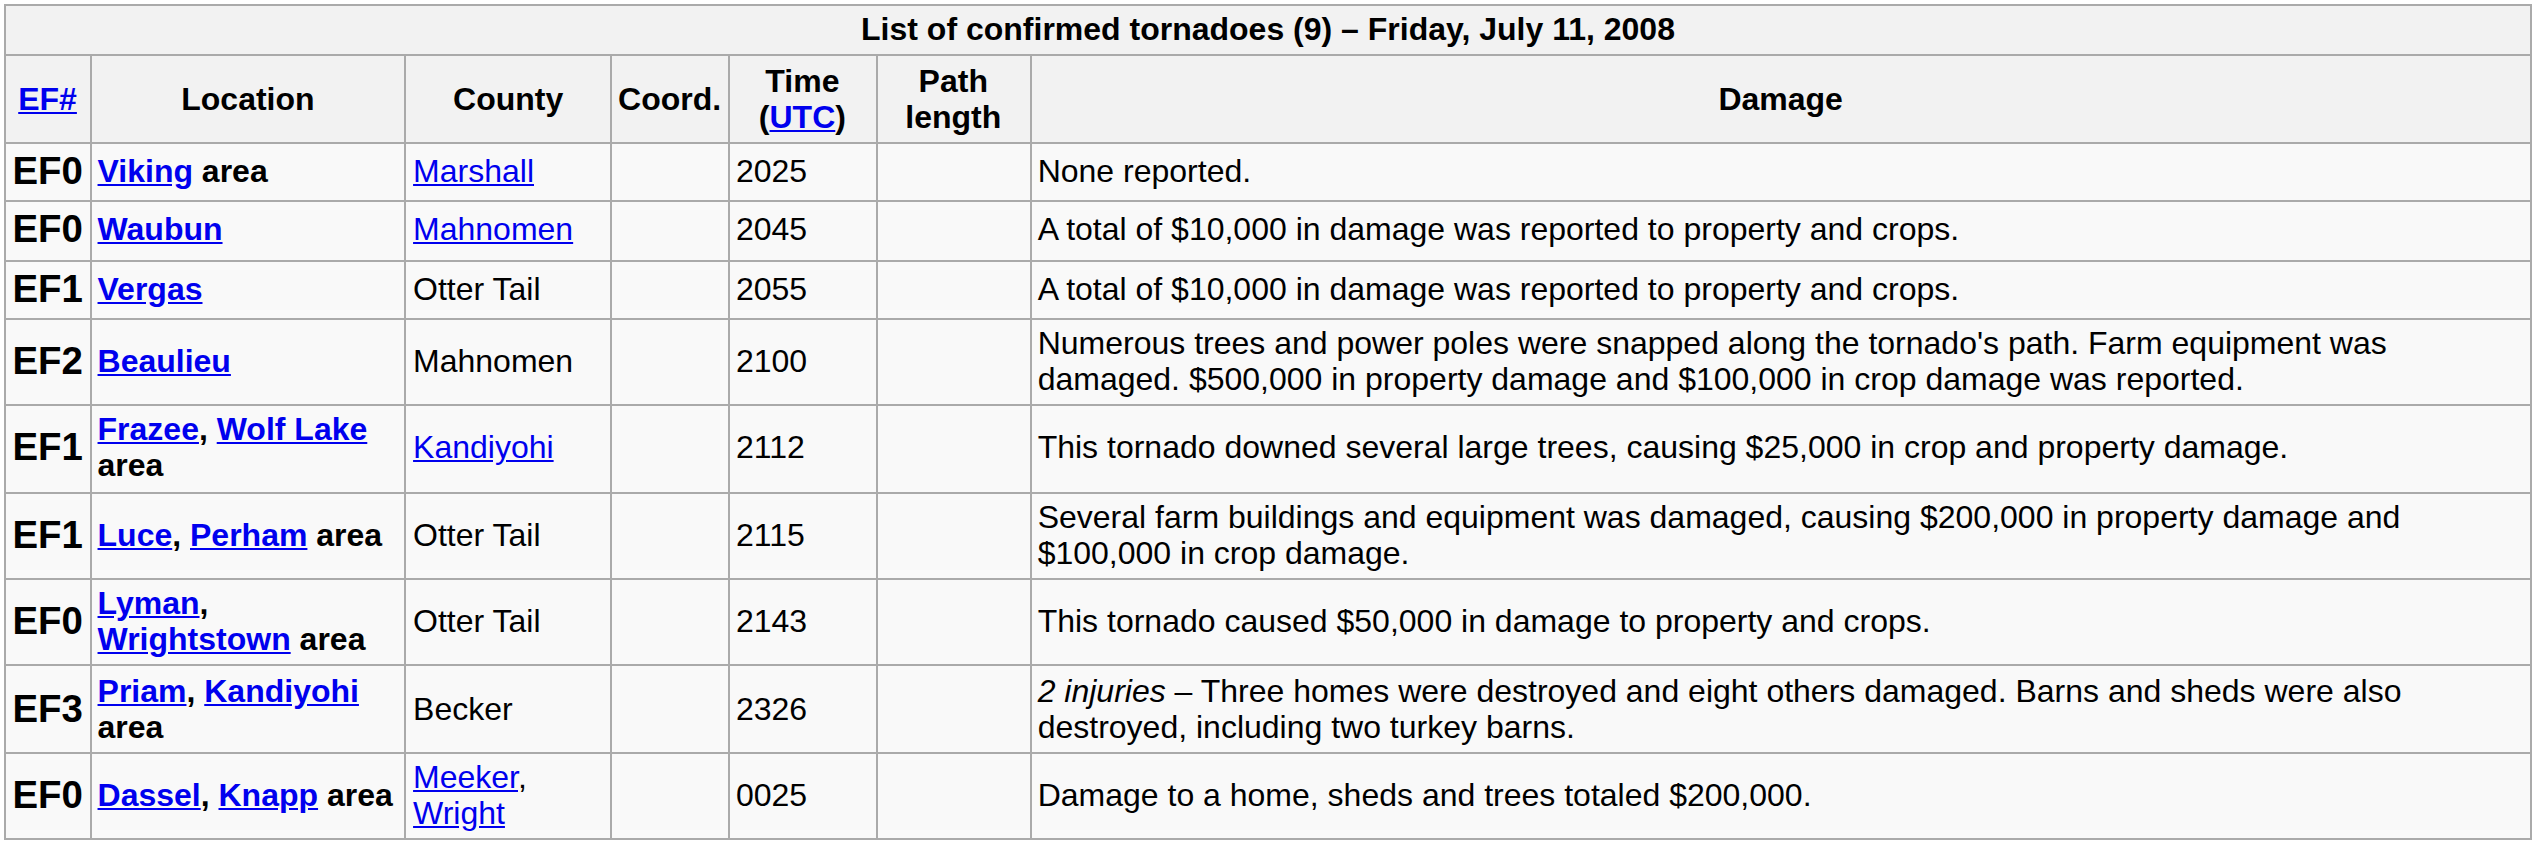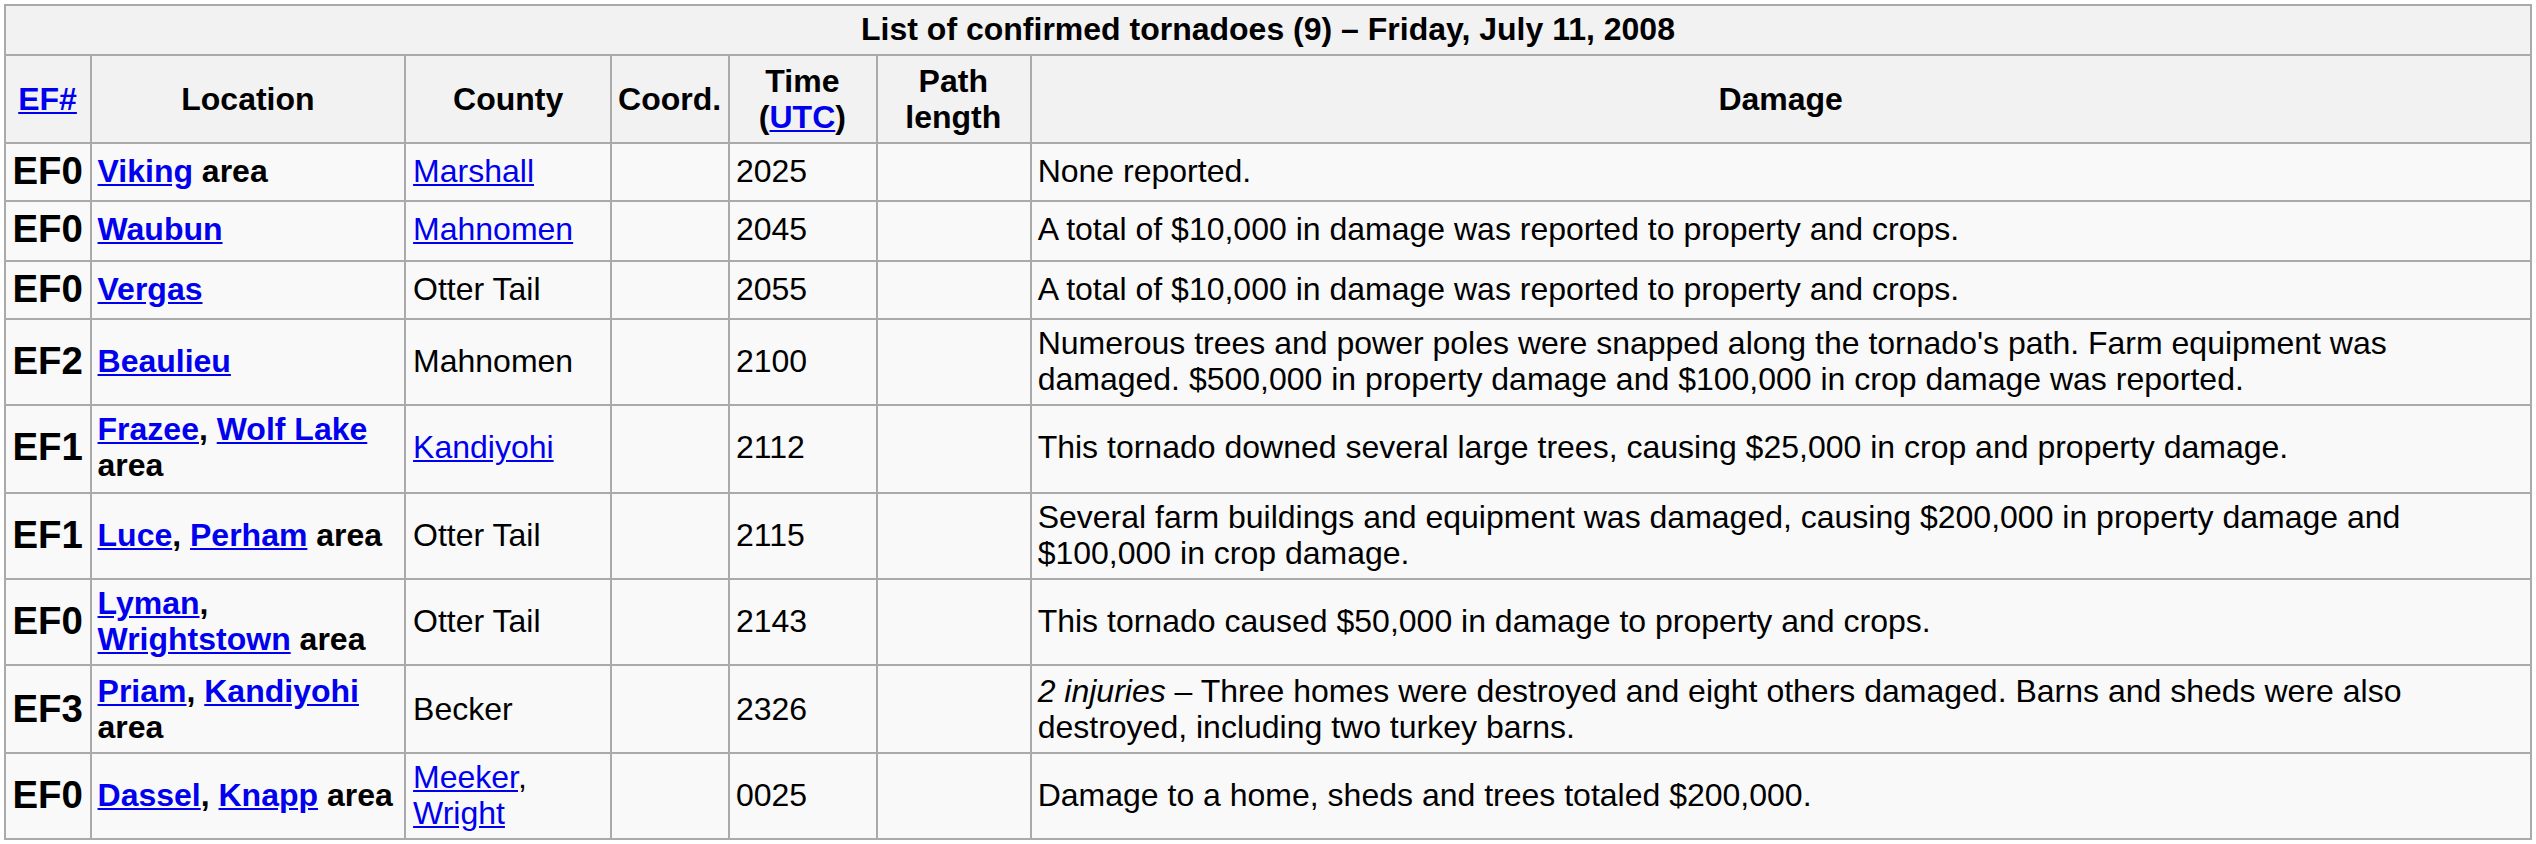 <table class="wikitable collapsible" width="100%">
 <tr>
 <th colspan="7">List of confirmed tornadoes (9) – Friday, July 11, 2008</th>
 </tr>
 <tr>
 <th><a href='#'>EF#</a></th>
 <th>Location</th>
 <th>County</th>
 <th>Coord.</th>
 <th>Time (<a href='#'>UTC</a>)</th>
 <th>Path length</th>
 <th>Damage</th>
 </tr>
 <tr>
 <td><big><strong>EF0</strong></big></td>
 <td><strong><a href='#'>Viking</a> area</strong></td>
 <td><a href='#'>Marshall</a></td>
 <td></td>
 <td>2025</td>
 <td></td>
 <td>None reported.</td>
 </tr>
 <tr>
 <td><big><strong>EF0</strong></big></td>
 <td><strong><a href='#'>Waubun</a></strong></td>
 <td><a href='#'>Mahnomen</a></td>
 <td></td>
 <td>2045</td>
 <td></td>
 <td>A total of $10,000 in damage was reported to property and crops.</td>
 </tr>
 <tr>
-<td><big><strong>EF1</strong></big></td>
+<td><big><strong>EF0</strong></big></td>
 <td><strong><a href='#'>Vergas</a></strong></td>
 <td>Otter Tail</td>
 <td></td>
 <td>2055</td>
 <td></td>
 <td>A total of $10,000 in damage was reported to property and crops.</td>
 </tr>
 <tr>
 <td><big><strong>EF2</strong></big></td>
 <td><strong><a href='#'>Beaulieu</a></strong></td>
 <td>Mahnomen</td>
 <td></td>
 <td>2100</td>
 <td></td>
 <td>Numerous trees and power poles were snapped along the tornado's path.  Farm equipment was damaged.  $500,000 in property damage and $100,000 in crop damage was reported.</td>
 </tr>
 <tr>
 <td><big><strong>EF1</strong></big></td>
 <td><strong><a href='#'>Frazee</a>, <a href='#'>Wolf Lake</a> area</strong></td>
 <td><a href='#'>Kandiyohi</a></td>
 <td></td>
 <td>2112</td>
 <td></td>
 <td>This tornado downed several large trees, causing $25,000 in crop and property damage.</td>
 </tr>
 <tr>
 <td><big><strong>EF1</strong></big></td>
 <td><strong><a href='#'>Luce</a>, <a href='#'>Perham</a> area</strong></td>
 <td>Otter Tail</td>
 <td></td>
 <td>2115</td>
 <td></td>
 <td>Several farm buildings and equipment was damaged, causing $200,000 in property damage and $100,000 in crop damage.</td>
 </tr>
 <tr>
 <td><big><strong>EF0</strong></big></td>
 <td><strong><a href='#'>Lyman</a>, <a href='#'>Wrightstown</a> area</strong></td>
 <td>Otter Tail</td>
 <td></td>
 <td>2143</td>
 <td></td>
 <td>This tornado caused $50,000 in damage to property and crops.</td>
 </tr>
 <tr>
 <td><big><strong>EF3</strong></big></td>
 <td><strong><a href='#'>Priam</a>, <a href='#'>Kandiyohi</a> area</strong></td>
 <td>Becker</td>
 <td></td>
 <td>2326</td>
 <td></td>
 <td><em>2 injuries</em> – Three homes were destroyed and eight others damaged. Barns and sheds were also destroyed, including two turkey barns.</td>
 </tr>
 <tr>
 <td><big><strong>EF0</strong></big></td>
 <td><strong><a href='#'>Dassel</a>, <a href='#'>Knapp</a> area</strong></td>
 <td><a href='#'>Meeker</a>, <a href='#'>Wright</a></td>
 <td></td>
 <td>0025</td>
 <td></td>
 <td>Damage to a home, sheds and trees totaled $200,000.</td>
 </tr>
 </table>
